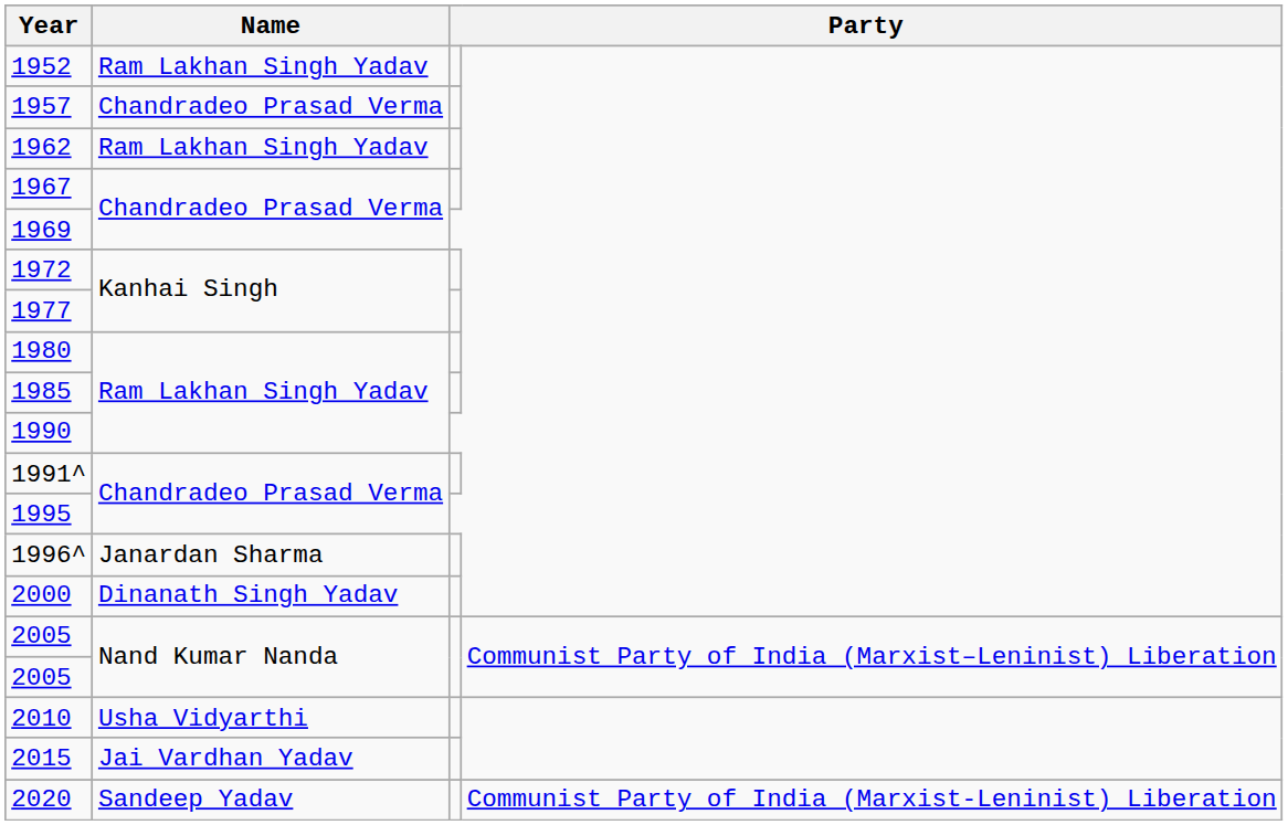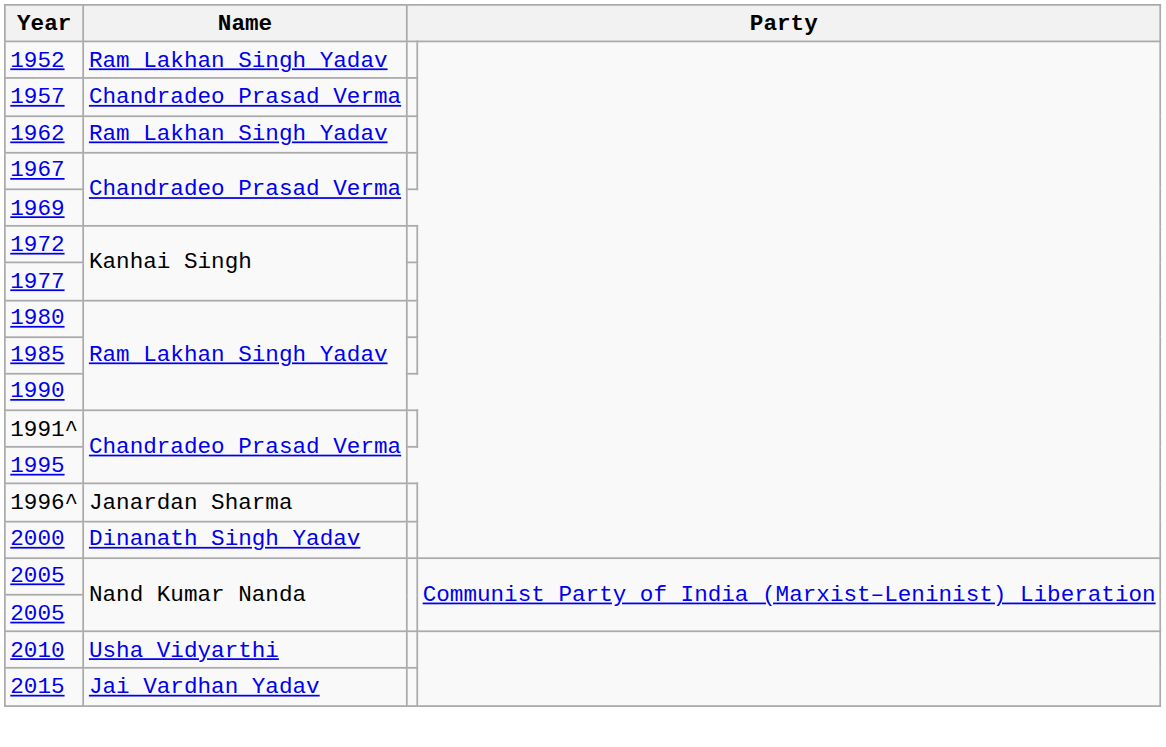 <table class="wikitable sortable">
 <tr>
 <th>Year</th>
 <th>Name</th>
 <th colspan="2">Party</th>
 </tr>
 <tr>
 <td><a href='#'>1952</a></td>
 <td><a href='#'>Ram Lakhan Singh Yadav</a></td>
 <td></td>
 </tr>
 <tr>
 <td><a href='#'>1957</a></td>
 <td><a href='#'>Chandradeo Prasad Verma</a></td>
 <td></td>
 </tr>
 <tr>
 <td><a href='#'>1962</a></td>
 <td><a href='#'>Ram Lakhan Singh Yadav</a></td>
 <td></td>
 </tr>
 <tr>
 <td><a href='#'>1967</a></td>
 <td rowspan="2"><a href='#'>Chandradeo Prasad Verma</a></td>
 <td></td>
 </tr>
 <tr>
 <td><a href='#'>1969</a></td>
 </tr>
 <tr>
 <td><a href='#'>1972</a></td>
 <td rowspan="2">Kanhai Singh</td>
 <td></td>
 </tr>
 <tr>
 <td><a href='#'>1977</a></td>
 <td></td>
 </tr>
 <tr>
 <td><a href='#'>1980</a></td>
 <td rowspan="3"><a href='#'>Ram Lakhan Singh Yadav</a></td>
 <td></td>
 </tr>
 <tr>
 <td><a href='#'>1985</a></td>
 <td></td>
 </tr>
 <tr>
 <td><a href='#'>1990</a></td>
 </tr>
 <tr>
 <td>1991^</td>
 <td rowspan="2"><a href='#'>Chandradeo Prasad Verma</a></td>
 <td></td>
 </tr>
 <tr>
 <td><a href='#'>1995</a></td>
 </tr>
 <tr>
 <td>1996^</td>
 <td>Janardan Sharma</td>
 <td></td>
 </tr>
 <tr>
 <td><a href='#'>2000</a></td>
 <td><a href='#'>Dinanath Singh Yadav</a></td>
 <td></td>
 </tr>
 <tr>
 <td><a href='#'>2005</a></td>
 <td rowspan="2">Nand Kumar Nanda</td>
 <td rowspan="2" style="background-color:"></td>
 <td rowspan="2"><a href='#'>Communist Party of India (Marxist–Leninist) Liberation</a></td>
 </tr>
 <tr>
 <td><a href='#'>2005</a></td>
 </tr>
 <tr>
 <td><a href='#'>2010</a></td>
 <td><a href='#'>Usha Vidyarthi</a></td>
 <td></td>
 </tr>
 <tr>
 <td><a href='#'>2015</a></td>
 <td><a href='#'>Jai Vardhan Yadav</a></td>
 <td></td>
 </tr>
-<tr>
-<td><a href='#'>2020</a></td>
-<td><a href='#'>Sandeep Yadav</a></td>
-<td style="background-color:"></td>
-<td><a href='#'>Communist Party of India (Marxist-Leninist) Liberation</a></td>
-</tr>
 </table>
